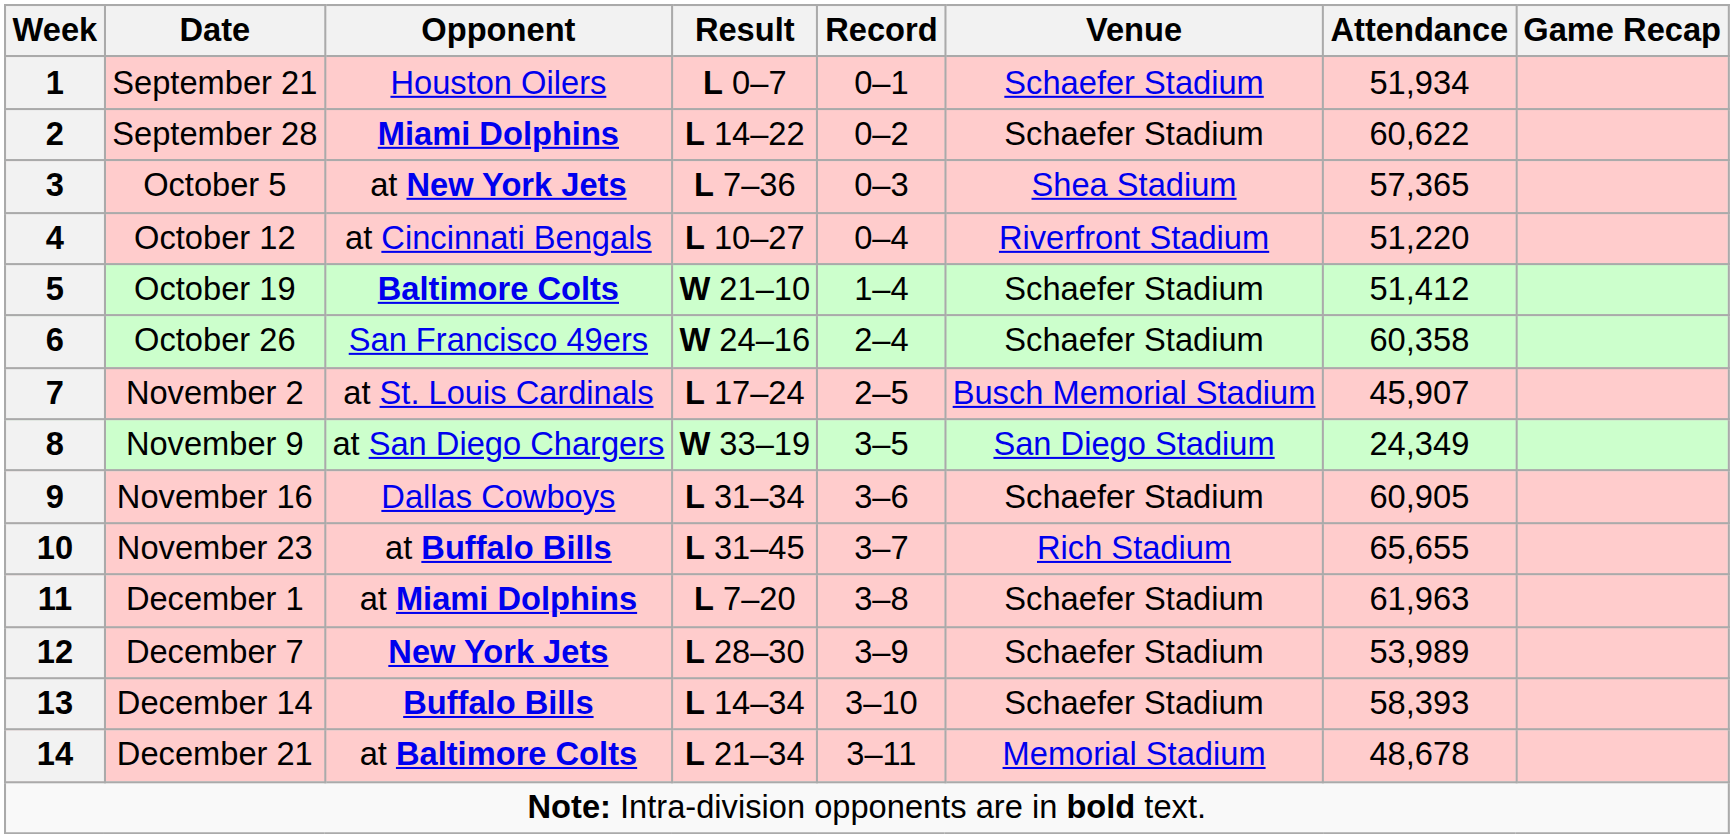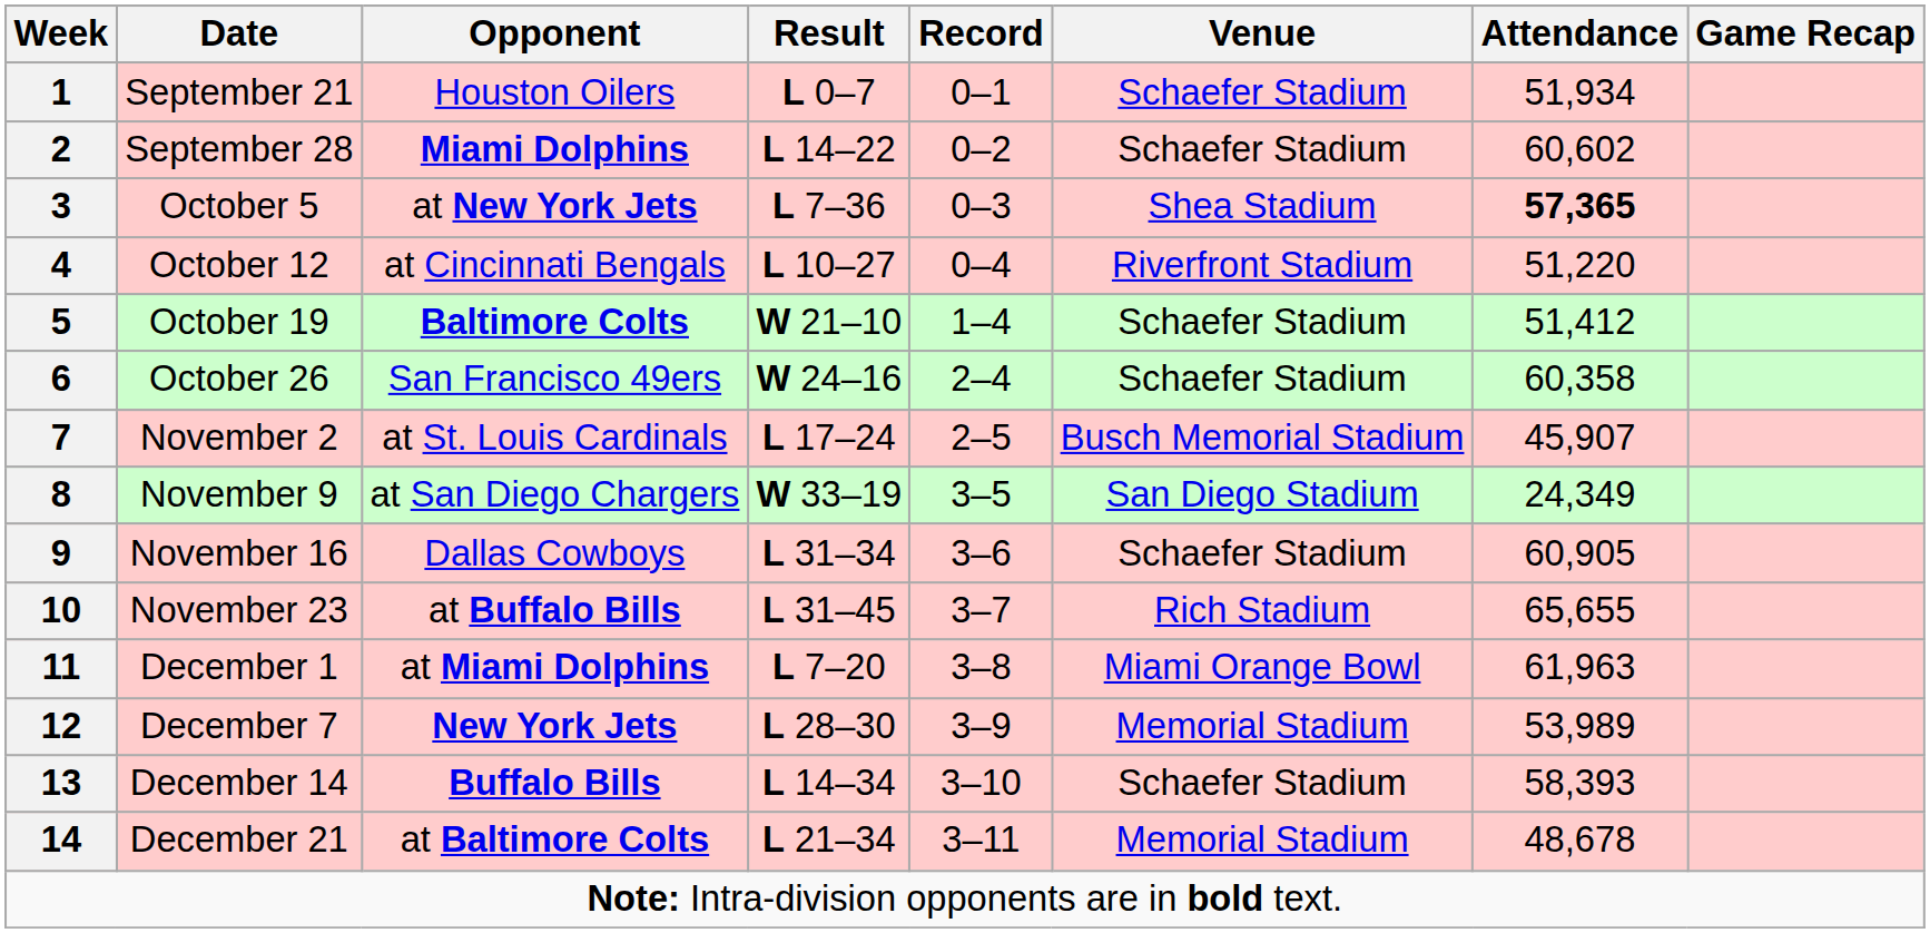 <table class="wikitable" style="text-align:center">
 <tr>
 <th>Week</th>
 <th>Date</th>
 <th>Opponent</th>
 <th>Result</th>
 <th>Record</th>
 <th>Venue</th>
 <th>Attendance</th>
 <th>Game Recap</th>
 </tr>
 <tr style="background:#fcc">
 <th>1</th>
 <td>September 21</td>
 <td><a href='#'>Houston Oilers</a></td>
 <td><strong>L</strong> 0–7</td>
 <td>0–1</td>
 <td><a href='#'>Schaefer Stadium</a></td>
 <td>51,934</td>
 <td></td>
 </tr>
 <tr style="background:#fcc">
 <th>2</th>
 <td>September 28</td>
 <td><strong><a href='#'>Miami Dolphins</a></strong></td>
 <td><strong>L</strong> 14–22</td>
 <td>0–2</td>
 <td>Schaefer Stadium</td>
-<td>60,622</td>
+<td>60,602</td>
 <td></td>
 </tr>
 <tr style="background:#fcc">
 <th>3</th>
 <td>October 5</td>
 <td>at <strong><a href='#'>New York Jets</a></strong></td>
 <td><strong>L</strong> 7–36</td>
 <td>0–3</td>
 <td><a href='#'>Shea Stadium</a></td>
-<td>57,365</td>
+<td><strong>57,365</strong></td>
 <td></td>
 </tr>
 <tr style="background:#fcc">
 <th>4</th>
 <td>October 12</td>
 <td>at <a href='#'>Cincinnati Bengals</a></td>
 <td><strong>L</strong> 10–27</td>
 <td>0–4</td>
 <td><a href='#'>Riverfront Stadium</a></td>
 <td>51,220</td>
 <td></td>
 </tr>
 <tr style="background:#cfc">
 <th>5</th>
 <td>October 19</td>
 <td><strong><a href='#'>Baltimore Colts</a></strong></td>
 <td><strong>W</strong> 21–10</td>
 <td>1–4</td>
 <td>Schaefer Stadium</td>
 <td>51,412</td>
 <td></td>
 </tr>
 <tr style="background:#cfc">
 <th>6</th>
 <td>October 26</td>
 <td><a href='#'>San Francisco 49ers</a></td>
 <td><strong>W</strong> 24–16</td>
 <td>2–4</td>
 <td>Schaefer Stadium</td>
 <td>60,358</td>
 <td></td>
 </tr>
 <tr style="background:#fcc">
 <th>7</th>
 <td>November 2</td>
 <td>at <a href='#'>St. Louis Cardinals</a></td>
 <td><strong>L</strong> 17–24</td>
 <td>2–5</td>
 <td><a href='#'>Busch Memorial Stadium</a></td>
 <td>45,907</td>
 <td></td>
 </tr>
 <tr style="background:#cfc">
 <th>8</th>
 <td>November 9</td>
 <td>at <a href='#'>San Diego Chargers</a></td>
 <td><strong>W</strong> 33–19</td>
 <td>3–5</td>
 <td><a href='#'>San Diego Stadium</a></td>
 <td>24,349</td>
 <td></td>
 </tr>
 <tr style="background:#fcc">
 <th>9</th>
 <td>November 16</td>
 <td><a href='#'>Dallas Cowboys</a></td>
 <td><strong>L</strong> 31–34</td>
 <td>3–6</td>
 <td>Schaefer Stadium</td>
 <td>60,905</td>
 <td></td>
 </tr>
 <tr style="background:#fcc">
 <th>10</th>
 <td>November 23</td>
 <td>at <strong><a href='#'>Buffalo Bills</a></strong></td>
 <td><strong>L</strong> 31–45</td>
 <td>3–7</td>
 <td><a href='#'>Rich Stadium</a></td>
 <td>65,655</td>
 <td></td>
 </tr>
 <tr style="background:#fcc">
 <th>11</th>
 <td>December 1</td>
 <td>at <strong><a href='#'>Miami Dolphins</a></strong></td>
 <td><strong>L</strong> 7–20</td>
 <td>3–8</td>
-<td>Schaefer Stadium</td>
+<td><a href='#'>Miami Orange Bowl</a></td>
 <td>61,963</td>
 <td></td>
 </tr>
 <tr style="background:#fcc">
 <th>12</th>
 <td>December 7</td>
 <td><strong><a href='#'>New York Jets</a></strong></td>
 <td><strong>L</strong> 28–30</td>
 <td>3–9</td>
-<td>Schaefer Stadium</td>
+<td><a href='#'>Memorial Stadium</a></td>
 <td>53,989</td>
 <td></td>
 </tr>
 <tr style="background:#fcc">
 <th>13</th>
 <td>December 14</td>
 <td><strong><a href='#'>Buffalo Bills</a></strong></td>
 <td><strong>L</strong> 14–34</td>
 <td>3–10</td>
 <td>Schaefer Stadium</td>
 <td>58,393</td>
 <td></td>
 </tr>
 <tr style="background:#fcc">
 <th>14</th>
 <td>December 21</td>
 <td>at <strong><a href='#'>Baltimore Colts</a></strong></td>
 <td><strong>L</strong> 21–34</td>
 <td>3–11</td>
 <td><a href='#'>Memorial Stadium</a></td>
 <td>48,678</td>
 <td></td>
 </tr>
 <tr>
 <td colspan="8"><strong>Note:</strong> Intra-division opponents are in <strong>bold</strong> text.</td>
 </tr>
 </table>
